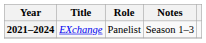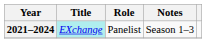 <table class="wikitable  plainrowheaders">
 <tr>
 <th scope="col">Year</th>
 <th scope="col">Title</th>
 <th scope="col">Role</th>
 <th scope="col">Notes</th>
 <th scope="col" class="unsortable"></th>
 </tr>
 <tr>
 <th scope="row">2021–2024</th>
-<td><em><a href='#'>EXchange</a></em></td>
+<td style="background: paleturquoise;"><em><a href='#'>EXchange</a></em></td>
 <td>Panelist</td>
 <td>Season 1–3</td>
 <td></td>
 </tr>
 <tr>
 </tr>
 </table>
